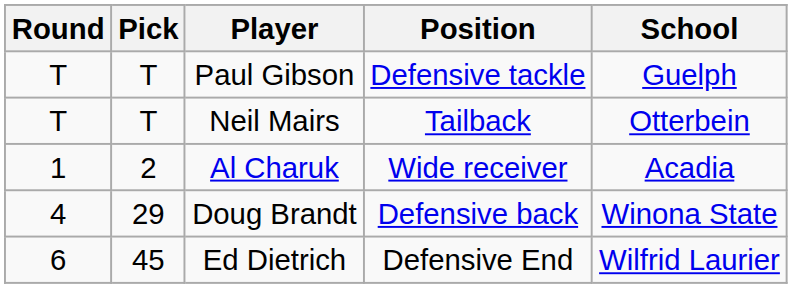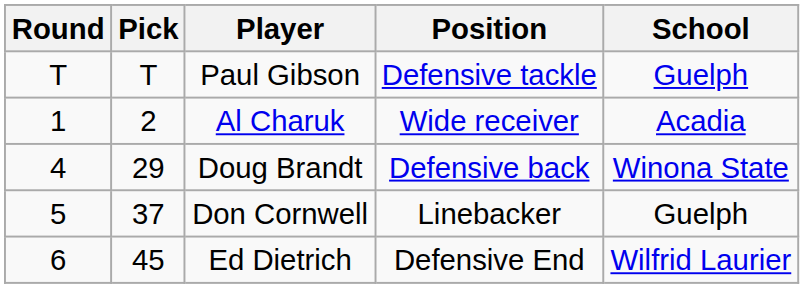 <table class="wikitable" style="font-size: 95%;">
 <tr>
 <th scope="col">Round</th>
 <th scope="col">Pick</th>
 <th scope="col">Player</th>
 <th scope="col">Position</th>
 <th scope="col">School</th>
 </tr>
 <tr align="center">
 <td align=center>T</td>
 <td>T</td>
 <td>Paul Gibson</td>
 <td><a href='#'>Defensive tackle</a></td>
 <td><a href='#'>Guelph</a></td>
 </tr>
 <tr align="center">
-<td align=center>T</td>
-<td>T</td>
-<td>Neil Mairs</td>
-<td><a href='#'>Tailback</a></td>
-<td><a href='#'>Otterbein</a></td>
-</tr>
-<tr align="center">
 <td align=center>1</td>
 <td>2</td>
 <td><a href='#'>Al Charuk</a></td>
 <td><a href='#'>Wide receiver</a></td>
 <td><a href='#'>Acadia</a></td>
 </tr>
 <tr align="center">
 <td align=center>4</td>
 <td>29</td>
 <td>Doug Brandt</td>
 <td><a href='#'>Defensive back</a></td>
 <td><a href='#'>Winona State</a></td>
 </tr>
 <tr align="center">
+<td align=center>5</td>
+<td>37</td>
+<td>Don Cornwell</td>
+<td>Linebacker</td>
+<td>Guelph</td>
+</tr>
+<tr align="center">
 <td align=center>6</td>
 <td>45</td>
 <td>Ed Dietrich</td>
 <td>Defensive End</td>
 <td><a href='#'>Wilfrid Laurier</a></td>
 </tr>
 </table>
